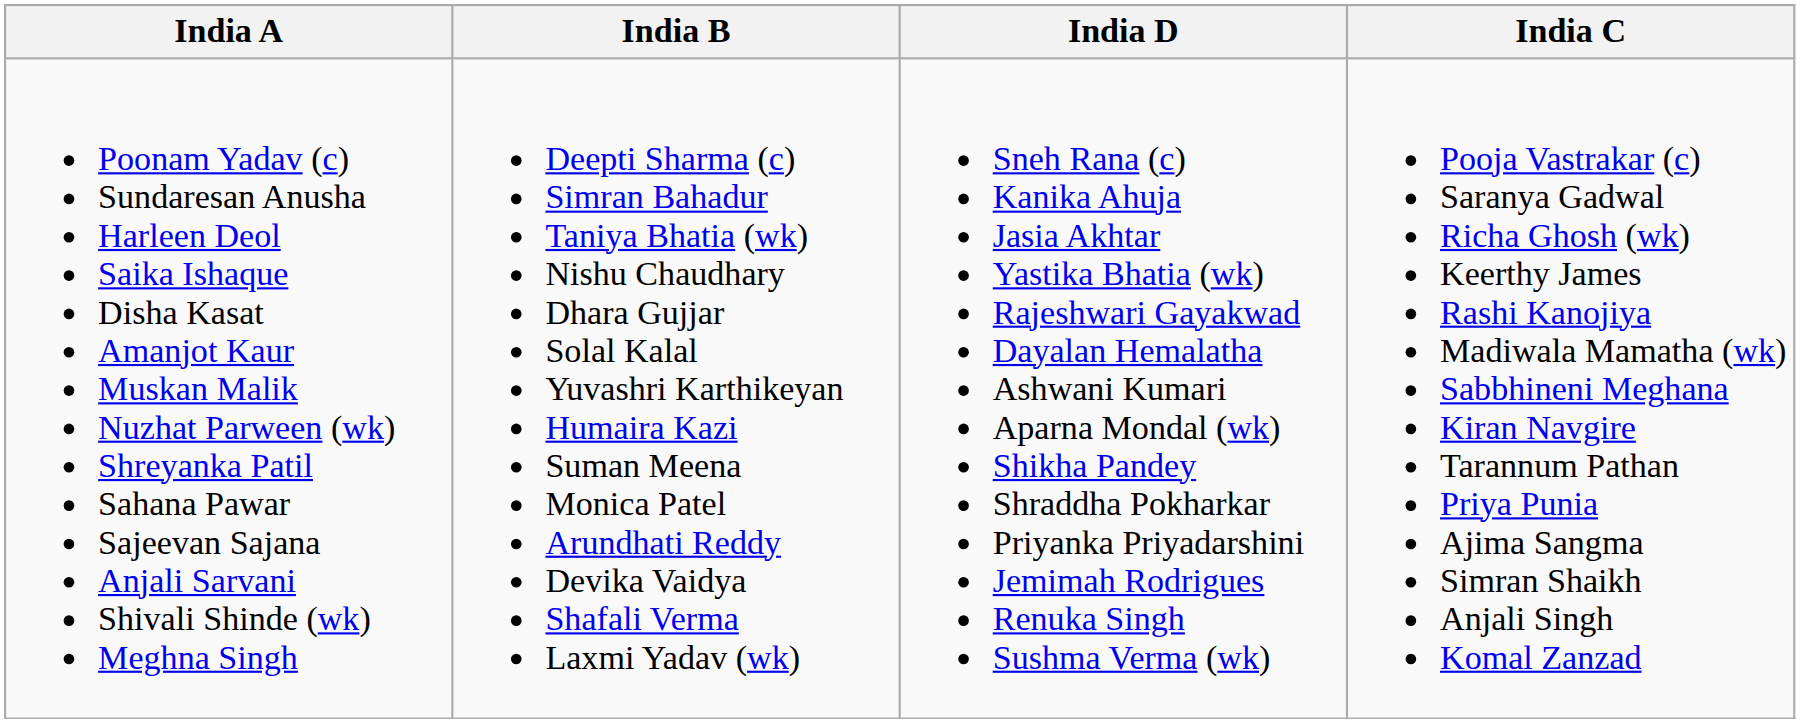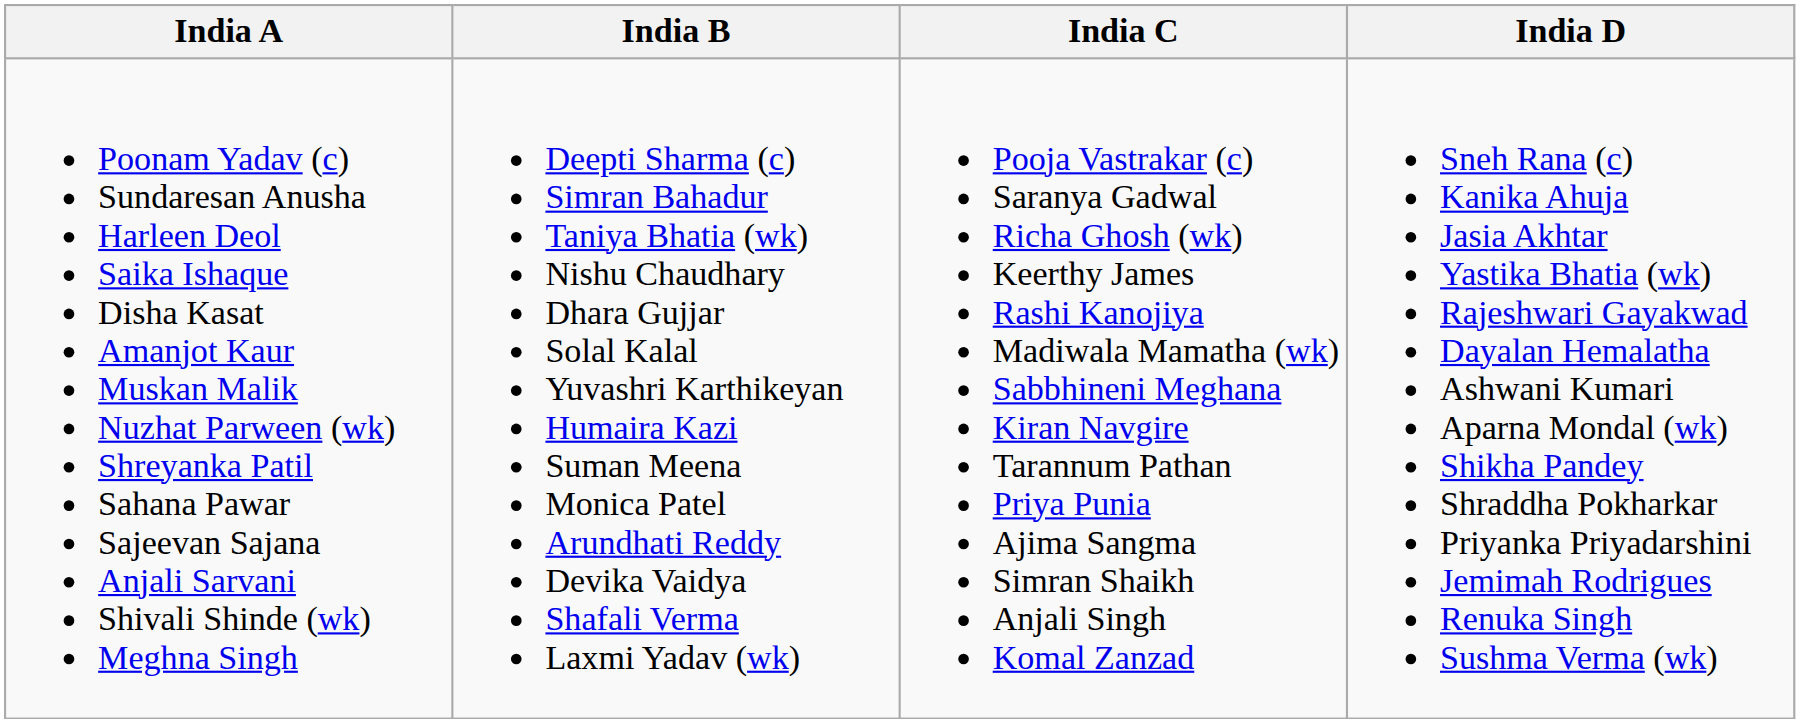 <table class="wikitable">
 <tr>
 <th style="width:25%;">India A</th>
 <th style="width:25%;">India B</th>
+<th style="width:25%;">India C</th>
 <th style="width:25%;">India D</th>
-<th style="width:25%;">India C</th>
 </tr>
 <tr style="vertical-align:top">
 <td><br><ul><li><a href='#'>Poonam Yadav</a> (<a href='#'>c</a>)</li><li>Sundaresan Anusha</li><li><a href='#'>Harleen Deol</a></li><li><a href='#'>Saika Ishaque</a></li><li>Disha Kasat</li><li><a href='#'>Amanjot Kaur</a></li><li><a href='#'>Muskan Malik</a></li><li><a href='#'>Nuzhat Parween</a> (<a href='#'>wk</a>)</li><li><a href='#'>Shreyanka Patil</a></li><li>Sahana Pawar</li><li>Sajeevan Sajana</li><li><a href='#'>Anjali Sarvani</a></li><li>Shivali Shinde (<a href='#'>wk</a>)</li><li><a href='#'>Meghna Singh</a></li></ul></td>
 <td><br><ul><li><a href='#'>Deepti Sharma</a> (<a href='#'>c</a>)</li><li><a href='#'>Simran Bahadur</a></li><li><a href='#'>Taniya Bhatia</a> (<a href='#'>wk</a>)</li><li>Nishu Chaudhary</li><li>Dhara Gujjar</li><li>Solal Kalal</li><li>Yuvashri Karthikeyan</li><li><a href='#'>Humaira Kazi</a></li><li>Suman Meena</li><li>Monica Patel</li><li><a href='#'>Arundhati Reddy</a></li><li>Devika Vaidya</li><li><a href='#'>Shafali Verma</a></li><li>Laxmi Yadav (<a href='#'>wk</a>)</li></ul></td>
+<td><br><ul><li><a href='#'>Pooja Vastrakar</a> (<a href='#'>c</a>)</li><li>Saranya Gadwal</li><li><a href='#'>Richa Ghosh</a> (<a href='#'>wk</a>)</li><li>Keerthy James</li><li><a href='#'>Rashi Kanojiya</a></li><li>Madiwala Mamatha (<a href='#'>wk</a>)</li><li><a href='#'>Sabbhineni Meghana</a></li><li><a href='#'>Kiran Navgire</a></li><li>Tarannum Pathan</li><li><a href='#'>Priya Punia</a></li><li>Ajima Sangma</li><li>Simran Shaikh</li><li>Anjali Singh</li><li><a href='#'>Komal Zanzad</a></li></ul></td>
 <td><br><ul><li><a href='#'>Sneh Rana</a> (<a href='#'>c</a>)</li><li><a href='#'>Kanika Ahuja</a></li><li><a href='#'>Jasia Akhtar</a></li><li><a href='#'>Yastika Bhatia</a> (<a href='#'>wk</a>)</li><li><a href='#'>Rajeshwari Gayakwad</a></li><li><a href='#'>Dayalan Hemalatha</a></li><li>Ashwani Kumari</li><li>Aparna Mondal (<a href='#'>wk</a>)</li><li><a href='#'>Shikha Pandey</a></li><li>Shraddha Pokharkar</li><li>Priyanka Priyadarshini</li><li><a href='#'>Jemimah Rodrigues</a></li><li><a href='#'>Renuka Singh</a></li><li><a href='#'>Sushma Verma</a> (<a href='#'>wk</a>)</li></ul></td>
-<td><br><ul><li><a href='#'>Pooja Vastrakar</a> (<a href='#'>c</a>)</li><li>Saranya Gadwal</li><li><a href='#'>Richa Ghosh</a> (<a href='#'>wk</a>)</li><li>Keerthy James</li><li><a href='#'>Rashi Kanojiya</a></li><li>Madiwala Mamatha (<a href='#'>wk</a>)</li><li><a href='#'>Sabbhineni Meghana</a></li><li><a href='#'>Kiran Navgire</a></li><li>Tarannum Pathan</li><li><a href='#'>Priya Punia</a></li><li>Ajima Sangma</li><li>Simran Shaikh</li><li>Anjali Singh</li><li><a href='#'>Komal Zanzad</a></li></ul></td>
 </tr>
 </table>
